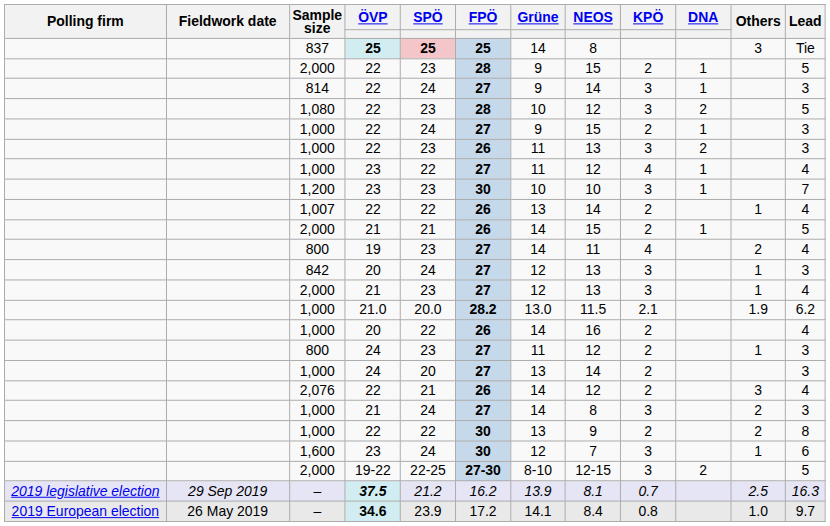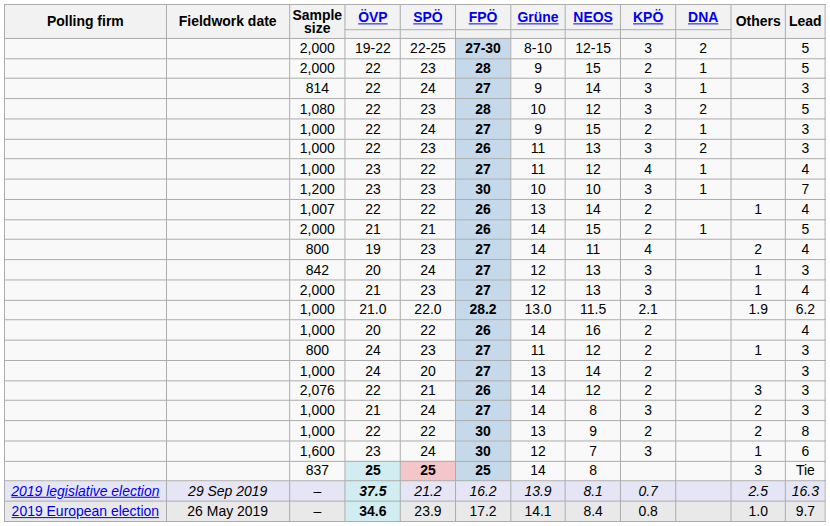 <table class="wikitable sortable" style="text-align:center;font-size:90%;line-height:14px;">
 <tr>
 <th rowspan="2" style="width:160px;">Polling firm</th>
 <th rowspan="2" style="width:120px;">Fieldwork date</th>
 <th rowspan="2" style="width:35px;">Sample size</th>
 <th class="unsortable" style="width:50px;"><a href='#'>ÖVP</a><br></th>
 <th class="unsortable" style="width:50px;"><a href='#'>SPÖ</a><br></th>
 <th class="unsortable" style="width:50px;"><a href='#'>FPÖ</a><br></th>
 <th class="unsortable" style="width:50px;"><a href='#'>Grüne</a><br></th>
 <th class="unsortable" style="width:50px;"><a href='#'>NEOS</a><br></th>
 <th class="unsortable" style="width:50px;"><a href='#'>KPÖ</a><br></th>
 <th class="unsortable" style="width:50px;"><a href='#'>DNA</a><br></th>
 <th rowspan="2" class="unsortable" style="width:50px;">Others</th>
 <th rowspan="2" style="width:30px;">Lead</th>
 </tr>
 <tr>
 <th style="background:"></th>
 <th style="background:"></th>
 <th style="background:"></th>
 <th style="background:"></th>
 <th style="background:"></th>
 <th style="background:"></th>
 <th style="background:"></th>
 </tr>
 <tr>
 <td></td>
 <td></td>
-<td>837</td>
-<td style="background:#D2EDF1;"><strong>25</strong><br></td>
-<td style="background:#F4C6C9;"><strong>25</strong><br></td>
-<td style="background:#C6D9EA;"><strong>25</strong><br></td>
-<td>14<br></td>
-<td>8<br></td>
+<td>2,000</td>
+<td>19-22<br></td>
+<td>22-25<br></td>
+<td style="background:#C6D9EA;"><strong>27-30</strong><br></td>
+<td>8-10<br></td>
+<td>12-15<br></td>
+<td>3<br></td>
+<td>2<br></td>
 <td></td>
-<td></td>
-<td>3<br></td>
-<td>Tie</td>
+<td style="background-color:">5</td>
 </tr>
 <tr>
 <td></td>
 <td></td>
 <td>2,000</td>
 <td>22<br></td>
 <td>23<br></td>
 <td style="background:#C6D9EA;"><strong>28</strong><br></td>
 <td>9<br></td>
 <td>15<br></td>
 <td>2<br></td>
 <td>1<br></td>
 <td></td>
 <td style="background-color:">5</td>
 </tr>
 <tr>
 <td></td>
 <td></td>
 <td>814</td>
 <td>22<br></td>
 <td>24<br></td>
 <td style="background:#C6D9EA;"><strong>27</strong><br></td>
 <td>9<br></td>
 <td>14<br></td>
 <td>3<br></td>
 <td>1<br></td>
 <td></td>
 <td style="background-color:">3</td>
 </tr>
 <tr>
 <td></td>
 <td></td>
 <td>1,080</td>
 <td>22<br></td>
 <td>23<br></td>
 <td style="background:#C6D9EA;"><strong>28</strong><br></td>
 <td>10<br></td>
 <td>12<br></td>
 <td>3<br></td>
 <td>2<br></td>
 <td></td>
 <td style="background-color:">5</td>
 </tr>
 <tr>
 <td></td>
 <td></td>
 <td>1,000</td>
 <td>22<br></td>
 <td>24<br></td>
 <td style="background:#C6D9EA;"><strong>27</strong><br></td>
 <td>9<br></td>
 <td>15<br></td>
 <td>2<br></td>
 <td>1<br></td>
 <td></td>
 <td style="background-color:">3</td>
 </tr>
 <tr>
 <td></td>
 <td></td>
 <td>1,000</td>
 <td>22<br></td>
 <td>23<br></td>
 <td style="background:#C6D9EA;"><strong>26</strong><br></td>
 <td>11<br></td>
 <td>13<br></td>
 <td>3<br></td>
 <td>2<br></td>
 <td></td>
 <td style="background-color:">3</td>
 </tr>
 <tr>
 <td></td>
 <td></td>
 <td>1,000</td>
 <td>23<br></td>
 <td>22<br></td>
 <td style="background:#C6D9EA;"><strong>27</strong><br></td>
 <td>11<br></td>
 <td>12<br></td>
 <td>4<br></td>
 <td>1<br></td>
 <td></td>
 <td style="background-color:">4</td>
 </tr>
 <tr>
 <td></td>
 <td></td>
 <td>1,200</td>
 <td>23<br></td>
 <td>23<br></td>
 <td style="background:#C6D9EA;"><strong>30</strong><br></td>
 <td>10<br></td>
 <td>10<br></td>
 <td>3<br></td>
 <td>1<br></td>
 <td></td>
 <td style="background-color:">7</td>
 </tr>
 <tr>
 <td></td>
 <td></td>
 <td>1,007</td>
 <td>22<br></td>
 <td>22<br></td>
 <td style="background:#C6D9EA;"><strong>26</strong><br></td>
 <td>13<br></td>
 <td>14<br></td>
 <td>2<br></td>
 <td></td>
 <td>1<br></td>
 <td style="background-color:">4</td>
 </tr>
 <tr>
 <td></td>
 <td></td>
 <td>2,000</td>
 <td>21<br></td>
 <td>21<br></td>
 <td style="background:#C6D9EA;"><strong>26</strong><br></td>
 <td>14<br></td>
 <td>15<br></td>
 <td>2<br></td>
 <td>1<br></td>
 <td></td>
 <td style="background-color:">5</td>
 </tr>
 <tr>
 <td></td>
 <td></td>
 <td>800</td>
 <td>19<br></td>
 <td>23<br></td>
 <td style="background:#C6D9EA;"><strong>27</strong><br></td>
 <td>14<br></td>
 <td>11<br></td>
 <td>4<br></td>
 <td></td>
 <td>2<br></td>
 <td style="background-color:">4</td>
 </tr>
 <tr>
 <td></td>
 <td></td>
 <td>842</td>
 <td>20<br></td>
 <td>24<br></td>
 <td style="background:#C6D9EA;"><strong>27</strong><br></td>
 <td>12<br></td>
 <td>13<br></td>
 <td>3<br></td>
 <td></td>
 <td>1<br></td>
 <td style="background-color:">3</td>
 </tr>
 <tr>
 <td></td>
 <td></td>
 <td>2,000</td>
 <td>21<br></td>
 <td>23<br></td>
 <td style="background:#C6D9EA;"><strong>27</strong><br></td>
 <td>12<br></td>
 <td>13<br></td>
 <td>3<br></td>
 <td></td>
 <td>1<br></td>
 <td style="background-color:">4</td>
 </tr>
 <tr>
 <td></td>
 <td></td>
 <td>1,000</td>
 <td>21.0<br></td>
-<td>20.0<br></td>
+<td>22.0<br></td>
 <td style="background:#C6D9EA;"><strong>28.2</strong><br></td>
 <td>13.0<br></td>
 <td>11.5<br></td>
 <td>2.1<br></td>
 <td></td>
 <td>1.9<br></td>
 <td style="background-color:">6.2</td>
 </tr>
 <tr>
 <td></td>
 <td></td>
 <td>1,000</td>
 <td>20<br></td>
 <td>22<br></td>
 <td style="background:#C6D9EA;"><strong>26</strong><br></td>
 <td>14<br></td>
 <td>16<br></td>
 <td>2<br></td>
 <td></td>
 <td></td>
 <td style="background-color:">4</td>
 </tr>
 <tr>
 <td></td>
 <td></td>
 <td>800</td>
 <td>24<br></td>
 <td>23<br></td>
 <td style="background:#C6D9EA;"><strong>27</strong><br></td>
 <td>11<br></td>
 <td>12<br></td>
 <td>2<br></td>
 <td></td>
 <td>1<br></td>
 <td style="background-color:">3</td>
 </tr>
 <tr>
 <td></td>
 <td></td>
 <td>1,000</td>
 <td>24<br></td>
 <td>20<br></td>
 <td style="background:#C6D9EA;"><strong>27</strong><br></td>
 <td>13<br></td>
 <td>14<br></td>
 <td>2<br></td>
 <td></td>
 <td></td>
 <td style="background-color:">3</td>
 </tr>
 <tr>
 <td></td>
 <td></td>
 <td>2,076</td>
 <td>22<br></td>
 <td>21<br></td>
 <td style="background:#C6D9EA;"><strong>26</strong><br></td>
 <td>14<br></td>
 <td>12<br></td>
 <td>2<br></td>
 <td></td>
 <td>3<br></td>
-<td style="background-color:">4</td>
+<td style="background-color:">3</td>
 </tr>
 <tr>
 <td></td>
 <td></td>
 <td>1,000</td>
 <td>21<br></td>
 <td>24<br></td>
 <td style="background:#C6D9EA;"><strong>27</strong><br></td>
 <td>14<br></td>
 <td>8<br></td>
 <td>3<br></td>
 <td></td>
 <td>2<br></td>
 <td style="background-color:">3</td>
 </tr>
 <tr>
 <td></td>
 <td></td>
 <td>1,000</td>
 <td>22<br></td>
 <td>22<br></td>
 <td style="background:#C6D9EA;"><strong>30</strong><br></td>
 <td>13<br></td>
 <td>9<br></td>
 <td>2<br></td>
 <td></td>
 <td>2<br></td>
 <td style="background-color:">8</td>
 </tr>
 <tr>
 <td></td>
 <td></td>
 <td>1,600</td>
 <td>23<br></td>
 <td>24<br></td>
 <td style="background:#C6D9EA;"><strong>30</strong><br></td>
 <td>12<br></td>
 <td>7<br></td>
 <td>3<br></td>
 <td></td>
 <td>1<br></td>
 <td style="background-color:">6</td>
 </tr>
 <tr>
 <td></td>
 <td></td>
-<td>2,000</td>
-<td>19-22<br></td>
-<td>22-25<br></td>
-<td style="background:#C6D9EA;"><strong>27-30</strong><br></td>
-<td>8-10<br></td>
-<td>12-15<br></td>
+<td>837</td>
+<td style="background:#D2EDF1;"><strong>25</strong><br></td>
+<td style="background:#F4C6C9;"><strong>25</strong><br></td>
+<td style="background:#C6D9EA;"><strong>25</strong><br></td>
+<td>14<br></td>
+<td>8<br></td>
+<td></td>
+<td></td>
 <td>3<br></td>
-<td>2<br></td>
-<td></td>
-<td style="background-color:">5</td>
+<td>Tie</td>
 </tr>
 <tr style="background:#E5E5F5;font-style:italic;">
 <td><a href='#'>2019 legislative election</a></td>
 <td data-sort-value="2019-09-29">29 Sep 2019</td>
 <td>–</td>
 <td style="background:#D2EDF1;"><strong>37.5</strong><br></td>
 <td>21.2<br></td>
 <td>16.2<br></td>
 <td>13.9<br></td>
 <td>8.1<br></td>
 <td>0.7<br></td>
 <td></td>
 <td>2.5<br></td>
 <td style="background-color:">16.3</td>
 </tr>
 <tr style="background:#E9E9E9;">
 <td><a href='#'>2019 European election</a></td>
 <td data-sort-value="2019-05-26">26 May 2019</td>
 <td>–</td>
 <td style="background:#D2EDF1;"><strong>34.6</strong><br></td>
 <td>23.9<br></td>
 <td>17.2<br></td>
 <td>14.1<br></td>
 <td>8.4<br></td>
 <td>0.8<br></td>
 <td></td>
 <td>1.0<br></td>
 <td style="background-color:">9.7</td>
 </tr>
 </table>
